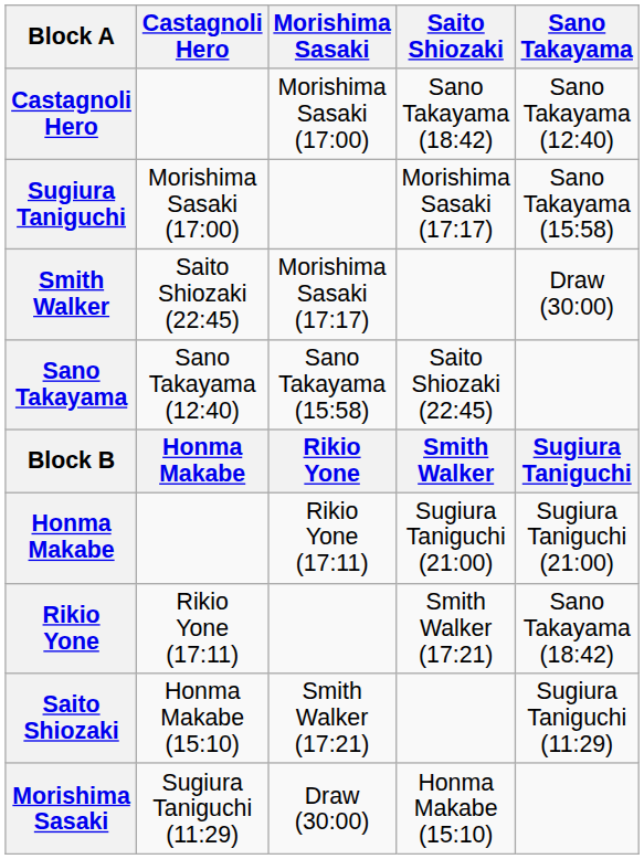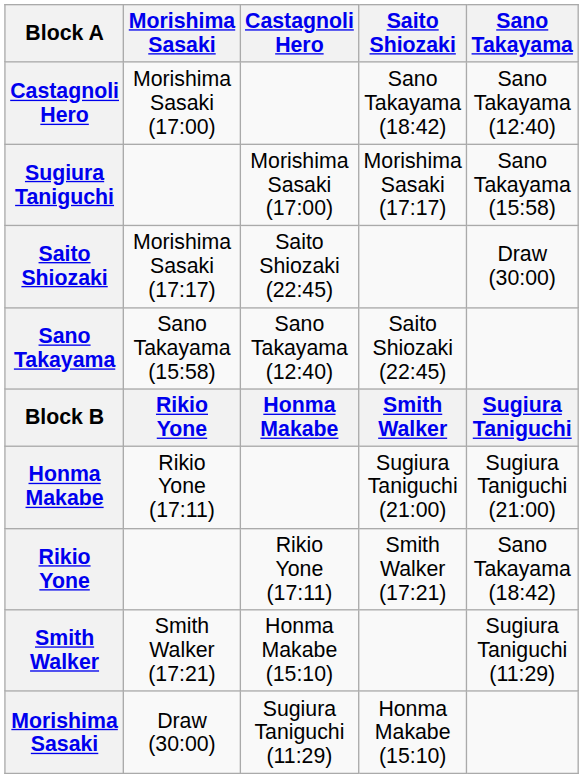 <table class="wikitable" style="margin: 1em auto 1em auto;text-align:center">
 <tr>
 <th>Block A</th>
+<th><a href='#'>Morishima</a><br><a href='#'>Sasaki</a></th>
 <th><a href='#'>Castagnoli</a><br><a href='#'>Hero</a></th>
-<th><a href='#'>Morishima</a><br><a href='#'>Sasaki</a></th>
 <th><a href='#'>Saito</a><br><a href='#'>Shiozaki</a></th>
 <th><a href='#'>Sano</a><br><a href='#'>Takayama</a></th>
 </tr>
 <tr>
 <th><a href='#'>Castagnoli</a><br><a href='#'>Hero</a></th>
+<td>Morishima<br>Sasaki<br>(17:00)</td>
 <td></td>
-<td>Morishima<br>Sasaki<br>(17:00)</td>
 <td>Sano<br>Takayama<br>(18:42)</td>
 <td>Sano<br>Takayama<br>(12:40)</td>
 </tr>
 <tr>
 <th><a href='#'>Sugiura</a><br><a href='#'>Taniguchi</a></th>
+<td></td>
 <td>Morishima<br>Sasaki<br>(17:00)</td>
-<td></td>
 <td>Morishima<br>Sasaki<br>(17:17)</td>
 <td>Sano<br>Takayama<br>(15:58)</td>
 </tr>
 <tr>
-<th><a href='#'>Smith</a><br><a href='#'>Walker</a></th>
+<th><a href='#'>Saito</a><br><a href='#'>Shiozaki</a></th>
+<td>Morishima<br>Sasaki<br>(17:17)</td>
 <td>Saito<br>Shiozaki<br>(22:45)</td>
-<td>Morishima<br>Sasaki<br>(17:17)</td>
 <td></td>
 <td>Draw<br>(30:00)</td>
 </tr>
 <tr>
 <th><a href='#'>Sano</a><br><a href='#'>Takayama</a></th>
+<td>Sano<br>Takayama<br>(15:58)</td>
 <td>Sano<br>Takayama<br>(12:40)</td>
-<td>Sano<br>Takayama<br>(15:58)</td>
 <td>Saito<br>Shiozaki<br>(22:45)</td>
 <td></td>
 </tr>
 <tr>
 <th>Block B</th>
+<th><a href='#'>Rikio</a><br><a href='#'>Yone</a></th>
 <th><a href='#'>Honma</a><br><a href='#'>Makabe</a></th>
-<th><a href='#'>Rikio</a><br><a href='#'>Yone</a></th>
 <th><a href='#'>Smith</a><br><a href='#'>Walker</a></th>
 <th><a href='#'>Sugiura</a><br><a href='#'>Taniguchi</a></th>
 </tr>
 <tr>
 <th><a href='#'>Honma</a><br><a href='#'>Makabe</a></th>
+<td>Rikio<br>Yone<br>(17:11)</td>
 <td></td>
-<td>Rikio<br>Yone<br>(17:11)</td>
 <td>Sugiura<br>Taniguchi<br>(21:00)</td>
 <td>Sugiura<br>Taniguchi<br>(21:00)</td>
 </tr>
 <tr>
 <th><a href='#'>Rikio</a><br><a href='#'>Yone</a></th>
+<td></td>
 <td>Rikio<br>Yone<br>(17:11)</td>
-<td></td>
 <td>Smith<br>Walker<br>(17:21)</td>
 <td>Sano<br>Takayama<br>(18:42)</td>
 </tr>
 <tr>
-<th><a href='#'>Saito</a><br><a href='#'>Shiozaki</a></th>
+<th><a href='#'>Smith</a><br><a href='#'>Walker</a></th>
+<td>Smith<br>Walker<br>(17:21)</td>
 <td>Honma<br>Makabe<br>(15:10)</td>
-<td>Smith<br>Walker<br>(17:21)</td>
 <td></td>
 <td>Sugiura<br>Taniguchi<br>(11:29)</td>
 </tr>
 <tr>
 <th><a href='#'>Morishima</a><br><a href='#'>Sasaki</a></th>
+<td>Draw<br>(30:00)</td>
 <td>Sugiura<br>Taniguchi<br>(11:29)</td>
-<td>Draw<br>(30:00)</td>
 <td>Honma<br>Makabe<br>(15:10)</td>
 <td></td>
 </tr>
 </table>
